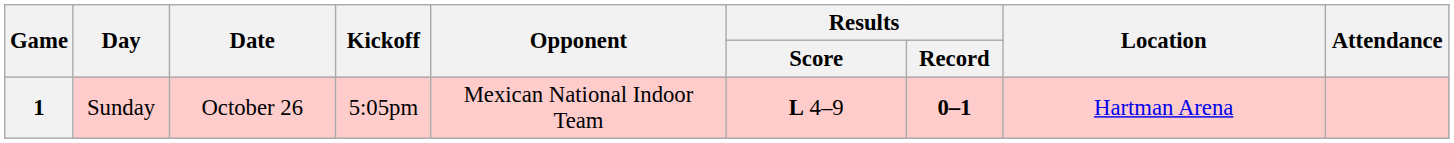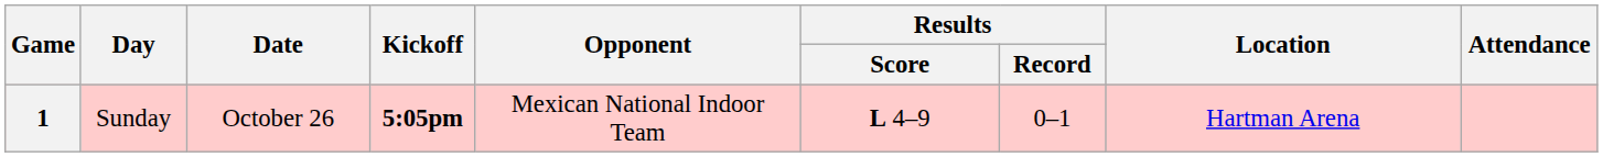 <table class="wikitable">
 <tr>
 <th rowspan="2" width="40">Game</th>
 <th rowspan="2" width="60">Day</th>
 <th rowspan="2" width="110">Date</th>
 <th rowspan="2" width="60">Kickoff</th>
 <th rowspan="2" width="200">Opponent</th>
 <th colspan="2" width="180">Results</th>
 <th rowspan="2" width="220">Location</th>
 <th rowspan="2" width="80">Attendance</th>
 </tr>
 <tr>
 <th width="120">Score</th>
 <th width="60">Record</th>
 </tr>
 <tr align="center" bgcolor="#FFCCCC">
 <th>1</th>
 <td>Sunday</td>
 <td>October 26</td>
-<td>5:05pm</td>
+<td><strong>5:05pm</strong></td>
 <td>Mexican National Indoor Team</td>
 <td><strong>L</strong> 4–9</td>
-<td><strong>0–1</strong></td>
+<td>0–1</td>
 <td><a href='#'>Hartman Arena</a></td>
 <td></td>
 </tr>
 </table>
